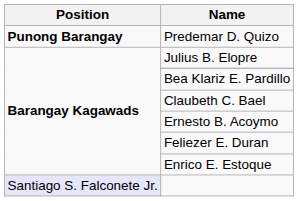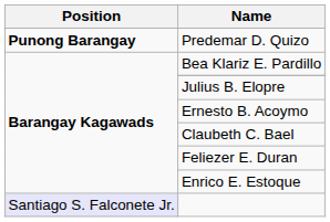 <table class="wikitable">
 <tr>
 <th>Position</th>
 <th>Name</th>
 </tr>
 <tr>
 <td><strong>Punong Barangay</strong></td>
 <td>Predemar D. Quizo</td>
 </tr>
 <tr>
 <td rowspan="7"><strong>Barangay Kagawads</strong></td>
-<td>Julius B. Elopre</td>
+<td>Bea Klariz E. Pardillo</td>
 </tr>
 <tr>
 </tr>
 <tr>
-<td>Bea Klariz E. Pardillo</td>
+<td>Julius B. Elopre</td>
+</tr>
+<tr>
+<td>Ernesto B. Acoymo</td>
 </tr>
 <tr>
 <td>Claubeth C. Bael</td>
-</tr>
-<tr>
-<td>Ernesto B. Acoymo</td>
 </tr>
 <tr>
 <td>Feliezer E. Duran</td>
 </tr>
 <tr>
 <td>Enrico E. Estoque</td>
 </tr>
 <tr>
 <td style="background: lavender;">Santiago S. Falconete Jr.</td>
 </tr>
 </table>
